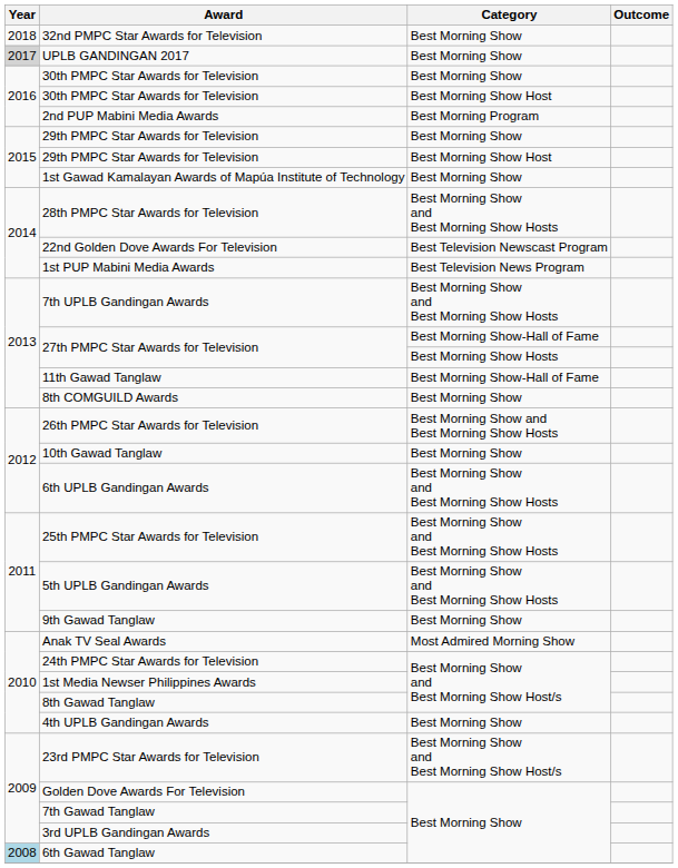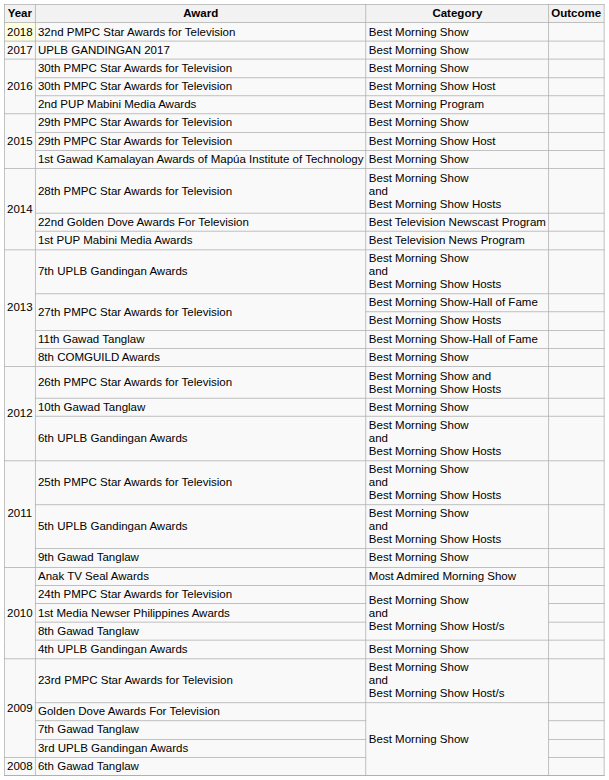 <table class="wikitable">
 <tr>
 <th>Year</th>
 <th>Award</th>
 <th>Category</th>
 <th>Outcome</th>
 </tr>
 <tr>
-<td style="text-align:center;" rowspan="1">2018</td>
+<td style="background: lightyellow; text-align:center;" rowspan="1">2018</td>
 <td>32nd PMPC Star Awards for Television</td>
 <td>Best Morning Show</td>
 <td></td>
 </tr>
 <tr>
-<td style="background: lightgrey; text-align:center;" rowspan="1">2017</td>
+<td style="text-align:center;" rowspan="1">2017</td>
 <td>UPLB GANDINGAN 2017</td>
 <td>Best Morning Show</td>
 <td></td>
 </tr>
 <tr>
 <td style="text-align:center;" rowspan="3">2016</td>
 <td>30th PMPC Star Awards for Television</td>
 <td>Best Morning Show</td>
 <td></td>
 </tr>
 <tr>
 <td>30th PMPC Star Awards for Television</td>
 <td>Best Morning Show Host</td>
 <td></td>
 </tr>
 <tr>
 <td>2nd PUP Mabini Media Awards</td>
 <td>Best Morning Program</td>
 <td></td>
 </tr>
 <tr>
 <td style="text-align:center;" rowspan="3">2015</td>
 <td>29th PMPC Star Awards for Television</td>
 <td>Best Morning Show</td>
 <td></td>
 </tr>
 <tr>
 <td>29th PMPC Star Awards for Television</td>
 <td>Best Morning Show Host</td>
 <td></td>
 </tr>
 <tr>
 <td>1st Gawad Kamalayan Awards of Mapúa Institute of Technology</td>
 <td>Best Morning Show</td>
 <td></td>
 </tr>
 <tr>
 <td style="text-align:center;" rowspan="3">2014</td>
 <td>28th PMPC Star Awards for Television</td>
 <td>Best Morning Show<br>and<br>Best Morning Show Hosts</td>
 <td></td>
 </tr>
 <tr>
 <td>22nd Golden Dove Awards For Television</td>
 <td>Best Television Newscast Program</td>
 <td></td>
 </tr>
 <tr>
 <td>1st PUP Mabini Media Awards</td>
 <td>Best Television News Program</td>
 <td></td>
 </tr>
 <tr>
 <td style="text-align:center;" rowspan="5">2013</td>
 <td>7th UPLB Gandingan Awards</td>
 <td>Best Morning Show<br>and<br>Best Morning Show Hosts</td>
 <td></td>
 </tr>
 <tr>
 <td rowspan="2">27th PMPC Star Awards for Television</td>
 <td>Best Morning Show-Hall of Fame</td>
 <td></td>
 </tr>
 <tr>
 <td>Best Morning Show Hosts</td>
 <td></td>
 </tr>
 <tr>
 <td>11th Gawad Tanglaw</td>
 <td>Best Morning Show-Hall of Fame</td>
 <td></td>
 </tr>
 <tr>
 <td>8th COMGUILD Awards</td>
 <td>Best Morning Show</td>
 <td></td>
 </tr>
 <tr>
 <td style="text-align:center;" rowspan="3">2012</td>
 <td>26th PMPC Star Awards for Television</td>
 <td>Best Morning Show and<br>Best Morning Show Hosts</td>
 <td></td>
 </tr>
 <tr>
 <td>10th Gawad Tanglaw</td>
 <td>Best Morning Show</td>
 <td></td>
 </tr>
 <tr>
 <td>6th UPLB Gandingan Awards</td>
 <td>Best Morning Show<br>and<br>Best Morning Show Hosts</td>
 <td></td>
 </tr>
 <tr>
 <td style="text-align:center;" rowspan="3">2011</td>
 <td>25th PMPC Star Awards for Television</td>
 <td>Best Morning Show<br>and<br>Best Morning Show Hosts</td>
 <td></td>
 </tr>
 <tr>
 <td>5th UPLB Gandingan Awards</td>
 <td>Best Morning Show<br>and<br>Best Morning Show Hosts</td>
 <td></td>
 </tr>
 <tr>
 <td>9th Gawad Tanglaw</td>
 <td>Best Morning Show</td>
 <td></td>
 </tr>
 <tr>
 <td style="text-align:center;" rowspan="5">2010</td>
 <td>Anak TV Seal Awards</td>
 <td>Most Admired Morning Show</td>
 <td></td>
 </tr>
 <tr>
 <td>24th PMPC Star Awards for Television</td>
 <td rowspan="3">Best Morning Show<br>and<br>Best Morning Show Host/s</td>
 <td></td>
 </tr>
 <tr>
 <td>1st Media Newser Philippines Awards</td>
 <td></td>
 </tr>
 <tr>
 <td>8th Gawad Tanglaw</td>
 <td></td>
 </tr>
 <tr>
 <td>4th UPLB Gandingan Awards</td>
 <td>Best Morning Show</td>
 <td></td>
 </tr>
 <tr>
 <td style="text-align:center;" rowspan="4">2009</td>
 <td>23rd PMPC Star Awards for Television</td>
 <td>Best Morning Show<br>and<br>Best Morning Show Host/s</td>
 <td></td>
 </tr>
 <tr>
 <td>Golden Dove Awards For Television</td>
 <td rowspan="4">Best Morning Show</td>
 <td></td>
 </tr>
 <tr>
 <td>7th Gawad Tanglaw</td>
 <td></td>
 </tr>
 <tr>
 <td>3rd UPLB Gandingan Awards</td>
 <td></td>
 </tr>
 <tr>
-<td style="background: lightblue; text-align:center;">2008</td>
+<td style="text-align:center;">2008</td>
 <td>6th Gawad Tanglaw</td>
 <td></td>
 </tr>
 <tr>
 </tr>
 </table>
